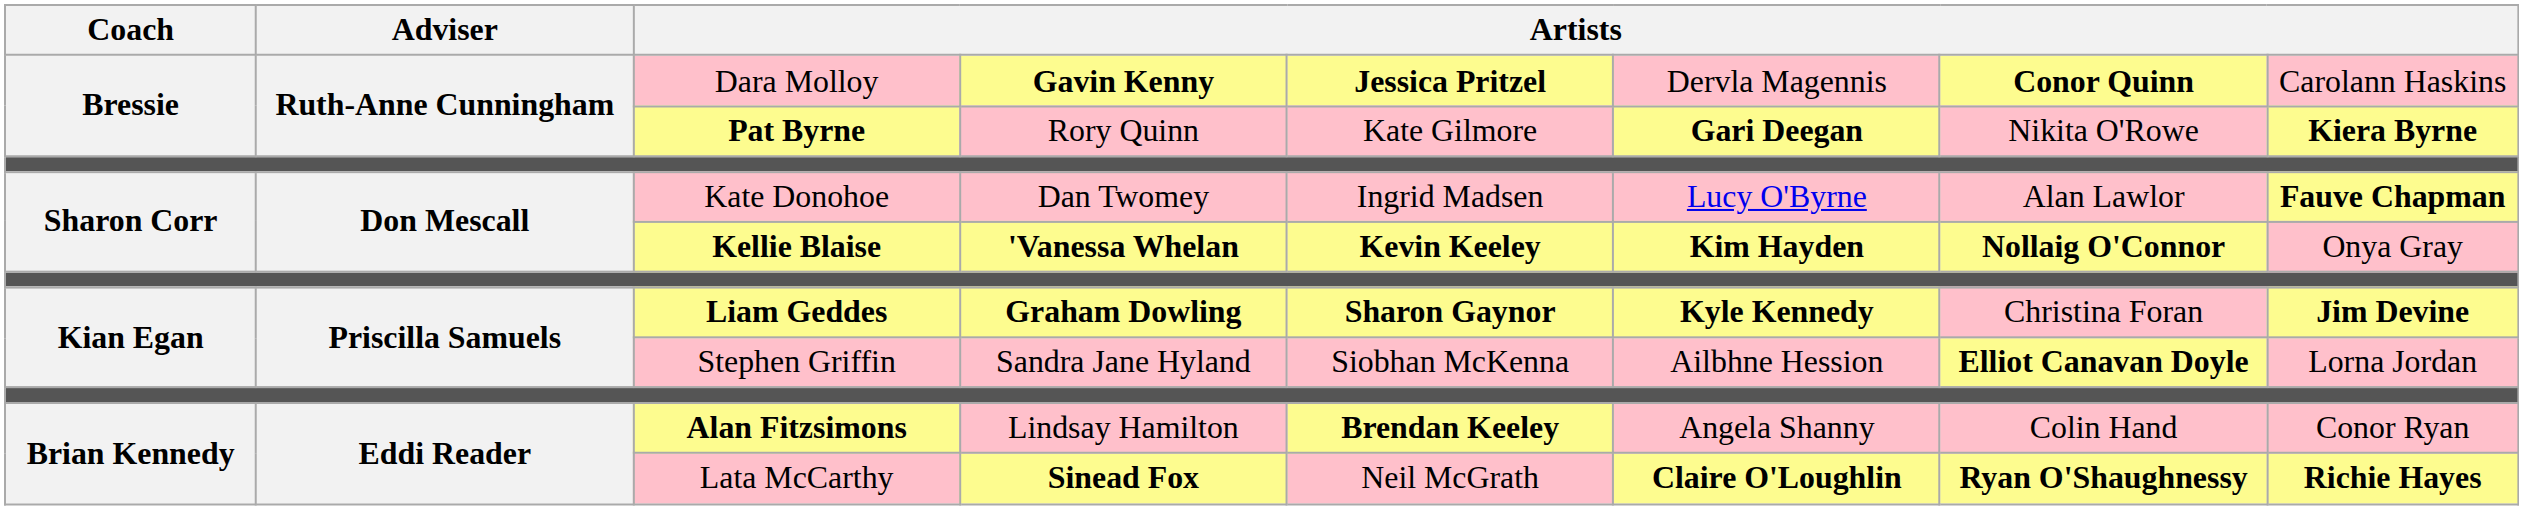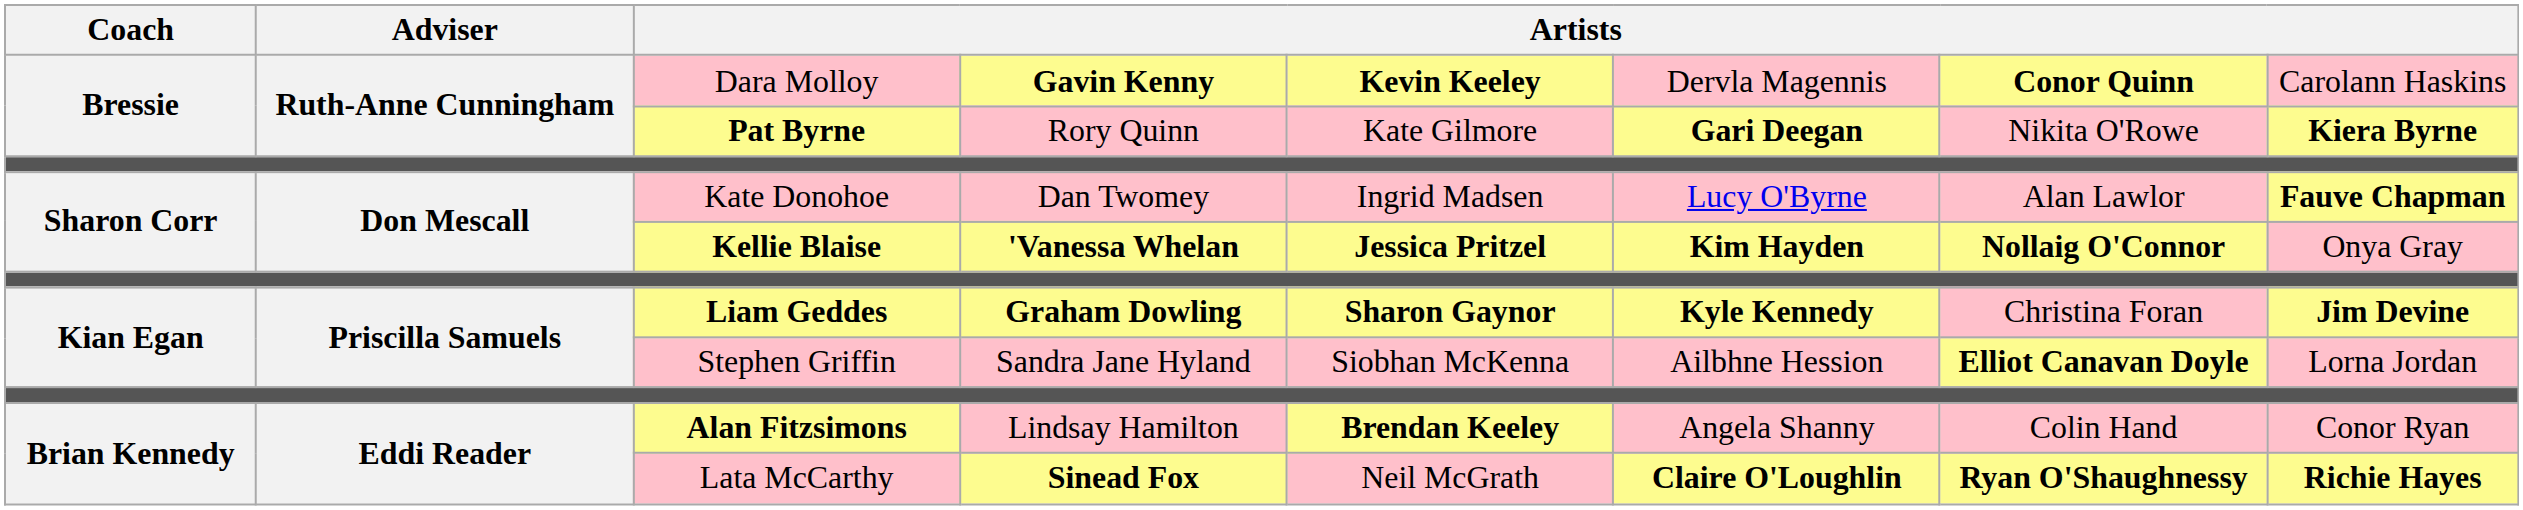 <table class="wikitable" style="text-align: center; width:100%;">
 <tr>
 <th width="10%">Coach</th>
 <th width="15%">Adviser</th>
 <th colspan="6" width="70%">Artists</th>
 </tr>
 <tr>
 <th rowspan="2">Bressie</th>
 <th rowspan="2">Ruth-Anne Cunningham</th>
 <td scope="col" width="13%" style="background:pink">Dara Molloy</td>
 <td scope="col" width="13%" style="background:#fdfc8f"><strong>Gavin Kenny</strong></td>
-<td scope="col" width="13%" style="background:#fdfc8f"><strong>Jessica Pritzel</strong></td>
+<td style="background:#fdfc8f"><strong>Kevin Keeley</strong></td>
 <td scope="col" width="13%" style="background:pink">Dervla Magennis</td>
 <td scope="col" width="13%" style="background:#fdfc8f"><strong>Conor Quinn</strong></td>
 <td scope="col" width="13%" style="background:pink">Carolann Haskins</td>
 </tr>
 <tr>
 <td style="background:#fdfc8f"><strong>Pat Byrne</strong></td>
 <td style="background:pink">Rory Quinn</td>
 <td style="background:pink">Kate Gilmore</td>
 <td style="background:#fdfc8f"><strong>Gari Deegan</strong></td>
 <td style="background:pink">Nikita O'Rowe</td>
 <td style="background:#fdfc8f"><strong>Kiera Byrne</strong></td>
 </tr>
 <tr>
 <td colspan="8" style="background:#555555;"></td>
 </tr>
 <tr>
 <th rowspan="2">Sharon Corr</th>
 <th rowspan="2">Don Mescall</th>
 <td style="background:pink">Kate Donohoe</td>
 <td style="background:pink">Dan Twomey</td>
 <td style="background:pink">Ingrid Madsen</td>
 <td style="background:pink"><a href='#'>Lucy O'Byrne</a></td>
 <td style="background:pink">Alan Lawlor</td>
 <td style="background:#fdfc8f"><strong>Fauve Chapman</strong></td>
 </tr>
 <tr>
 <td style="background:#fdfc8f"><strong>Kellie Blaise</strong></td>
 <td style="background:#fdfc8f"><strong>'Vanessa Whelan</strong></td>
-<td style="background:#fdfc8f"><strong>Kevin Keeley</strong></td>
+<td scope="col" width="13%" style="background:#fdfc8f"><strong>Jessica Pritzel</strong></td>
 <td style="background:#fdfc8f"><strong>Kim Hayden</strong></td>
 <td style="background:#fdfc8f"><strong>Nollaig O'Connor</strong></td>
 <td style="background:pink">Onya Gray</td>
 </tr>
 <tr>
 <td colspan="8" style="background:#555555;"></td>
 </tr>
 <tr>
 <th rowspan="2">Kian Egan</th>
 <th rowspan="2">Priscilla Samuels</th>
 <td style="background:#fdfc8f"><strong>Liam Geddes</strong></td>
 <td style="background:#fdfc8f"><strong>Graham Dowling</strong></td>
 <td style="background:#fdfc8f"><strong>Sharon Gaynor</strong></td>
 <td style="background:#fdfc8f"><strong>Kyle Kennedy</strong></td>
 <td style="background:pink">Christina Foran</td>
 <td style="background:#fdfc8f"><strong>Jim Devine</strong></td>
 </tr>
 <tr>
 <td style="background:pink">Stephen Griffin</td>
 <td style="background:pink">Sandra Jane Hyland</td>
 <td style="background:pink">Siobhan McKenna</td>
 <td style="background:pink">Ailbhne Hession</td>
 <td style="background:#fdfc8f"><strong>Elliot Canavan Doyle</strong></td>
 <td style="background:pink">Lorna Jordan</td>
 </tr>
 <tr>
 <td colspan="8" style="background:#555555;"></td>
 </tr>
 <tr>
 <th rowspan="2">Brian Kennedy</th>
 <th rowspan="2">Eddi Reader</th>
 <td style="background:#fdfc8f"><strong>Alan Fitzsimons</strong></td>
 <td style="background:pink">Lindsay Hamilton</td>
 <td style="background:#fdfc8f"><strong>Brendan Keeley</strong></td>
 <td style="background:pink">Angela Shanny</td>
 <td style="background:pink">Colin Hand</td>
 <td style="background:pink">Conor Ryan</td>
 </tr>
 <tr>
 <td style="background:pink">Lata McCarthy</td>
 <td style="background:#fdfc8f"><strong>Sinead Fox</strong></td>
 <td style="background:pink">Neil McGrath</td>
 <td style="background:#fdfc8f"><strong>Claire O'Loughlin</strong></td>
 <td style="background:#fdfc8f"><strong>Ryan O'Shaughnessy</strong></td>
 <td style="background:#fdfc8f"><strong>Richie Hayes</strong></td>
 </tr>
 </table>
